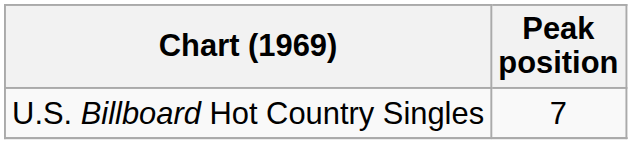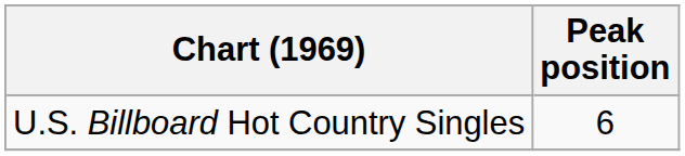 <table class="wikitable sortable">
 <tr>
 <th align="left">Chart (1969)</th>
 <th align="center">Peak<br>position</th>
 </tr>
 <tr>
 <td align="left">U.S. <em>Billboard</em> Hot Country Singles</td>
-<td align="center">7</td>
+<td align="center">6</td>
 </tr>
 <tr>
 </tr>
 </table>
